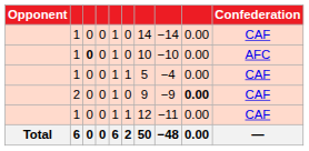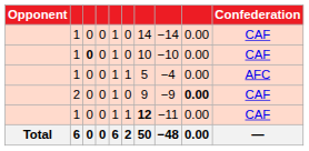 <table class="wikitable sortable" style="text-align:center;">
 <tr style="color:white">
 <th style="background-color:#ED1C24;color:white">Opponent</th>
 <th style="background-color:#ED1C24;"></th>
 <th style="background-color:#ED1C24;"></th>
 <th style="background-color:#ED1C24;"></th>
 <th style="background-color:#ED1C24;"></th>
 <th style="background-color:#ED1C24;"></th>
 <th style="background-color:#ED1C24;"></th>
 <th style="background-color:#ED1C24;"></th>
 <th style="background-color:#ED1C24;"></th>
 <th style="background-color:#ED1C24;color:white">Confederation</th>
 </tr>
 <tr bgcolor=FFDACC>
 <td style="text-align:left;"></td>
 <td>1</td>
 <td>0</td>
 <td>0</td>
 <td>1</td>
 <td>0</td>
 <td>14</td>
 <td>−14</td>
 <td>0.00</td>
 <td><a href='#'>CAF</a></td>
 </tr>
 <tr bgcolor=FFDACC>
 <td style="text-align:left;"></td>
 <td>1</td>
 <td><strong>0</strong></td>
 <td>0</td>
 <td>1</td>
 <td>0</td>
 <td>10</td>
 <td>−10</td>
 <td>0.00</td>
-<td><a href='#'>AFC</a></td>
+<td><a href='#'>CAF</a></td>
 </tr>
 <tr bgcolor=FFDACC>
 <td style="text-align:left;"></td>
 <td>1</td>
 <td>0</td>
 <td>0</td>
 <td>1</td>
 <td>1</td>
 <td>5</td>
 <td>−4</td>
 <td>0.00</td>
-<td><a href='#'>CAF</a></td>
+<td><a href='#'>AFC</a></td>
 </tr>
 <tr bgcolor=FFDACC>
 <td style="text-align:left;"></td>
 <td>2</td>
 <td>0</td>
 <td>0</td>
 <td>1</td>
 <td>0</td>
 <td>9</td>
 <td>−9</td>
 <td><strong>0.00</strong></td>
 <td><a href='#'>CAF</a></td>
 </tr>
 <tr bgcolor=FFDACC>
 <td style="text-align:left;"></td>
 <td>1</td>
 <td>0</td>
 <td>0</td>
 <td>1</td>
 <td>1</td>
-<td>12</td>
+<td><strong>12</strong></td>
 <td>−11</td>
 <td>0.00</td>
 <td><a href='#'>CAF</a></td>
 </tr>
 <tr>
 <th>Total</th>
 <th>6</th>
 <th>0</th>
 <th>0</th>
 <th>6</th>
 <th>2</th>
 <th>50</th>
 <th>−48</th>
 <th>0.00</th>
 <th>—</th>
 </tr>
 </table>
